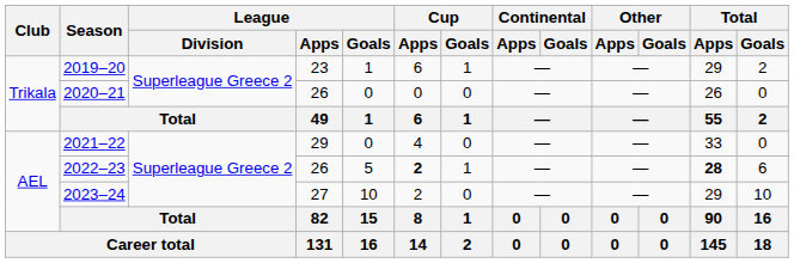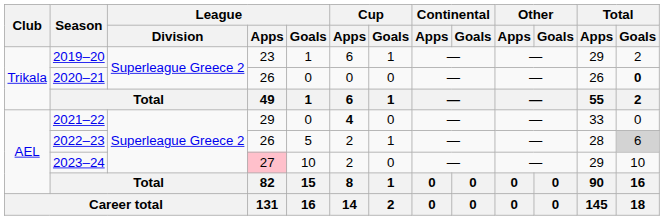 <table class="wikitable" style="text-align:center">
 <tr>
 <th rowspan=2>Club</th>
 <th rowspan=2>Season</th>
 <th colspan=3>League</th>
 <th colspan=2>Cup</th>
 <th colspan=2>Continental</th>
 <th colspan=2>Other</th>
 <th colspan=2>Total</th>
 </tr>
 <tr>
 <th>Division</th>
 <th>Apps</th>
 <th>Goals</th>
 <th>Apps</th>
 <th>Goals</th>
 <th>Apps</th>
 <th>Goals</th>
 <th>Apps</th>
 <th>Goals</th>
 <th>Apps</th>
 <th>Goals</th>
 </tr>
 <tr>
 <td rowspan="3"><a href='#'>Trikala</a></td>
 <td><a href='#'>2019–20</a></td>
 <td rowspan="2"><a href='#'>Superleague Greece 2</a></td>
 <td>23</td>
 <td>1</td>
 <td>6</td>
 <td>1</td>
 <td colspan="2">—</td>
 <td colspan="2">—</td>
 <td>29</td>
 <td>2</td>
 </tr>
 <tr>
 <td><a href='#'>2020–21</a></td>
 <td>26</td>
 <td>0</td>
 <td>0</td>
 <td>0</td>
 <td colspan="2">—</td>
 <td colspan="2">—</td>
 <td>26</td>
-<td>0</td>
+<td><strong>0</strong></td>
 </tr>
 <tr>
 <th colspan="2">Total</th>
 <th>49</th>
 <th>1</th>
 <th>6</th>
 <th>1</th>
 <th colspan="2">—</th>
 <th colspan="2">—</th>
 <th>55</th>
 <th>2</th>
 </tr>
 <tr>
 <td rowspan="4"><a href='#'>AEL</a></td>
 <td><a href='#'>2021–22</a></td>
 <td rowspan="3"><a href='#'>Superleague Greece 2</a></td>
 <td>29</td>
 <td>0</td>
-<td>4</td>
+<td><strong>4</strong></td>
 <td>0</td>
 <td colspan="2">—</td>
 <td colspan="2">—</td>
 <td>33</td>
 <td>0</td>
 </tr>
 <tr>
 <td><a href='#'>2022–23</a></td>
 <td>26</td>
 <td>5</td>
-<td><strong>2</strong></td>
+<td>2</td>
 <td>1</td>
 <td colspan="2">—</td>
 <td colspan="2">—</td>
-<td><strong>28</strong></td>
-<td>6</td>
+<td>28</td>
+<td style="background: lightgrey;">6</td>
 </tr>
 <tr>
 <td><a href='#'>2023–24</a></td>
-<td>27</td>
+<td style="background: pink;">27</td>
 <td>10</td>
 <td>2</td>
 <td>0</td>
 <td colspan="2">—</td>
 <td colspan="2">—</td>
 <td>29</td>
 <td>10</td>
 </tr>
 <tr>
 <th colspan="2">Total</th>
 <th>82</th>
 <th>15</th>
 <th>8</th>
 <th>1</th>
 <th>0</th>
 <th>0</th>
 <th>0</th>
 <th>0</th>
 <th>90</th>
 <th>16</th>
 </tr>
 <tr>
 <th colspan="3">Career total</th>
 <th>131</th>
 <th>16</th>
 <th>14</th>
 <th>2</th>
 <th>0</th>
 <th>0</th>
 <th>0</th>
 <th>0</th>
 <th>145</th>
 <th>18</th>
 </tr>
 </table>
